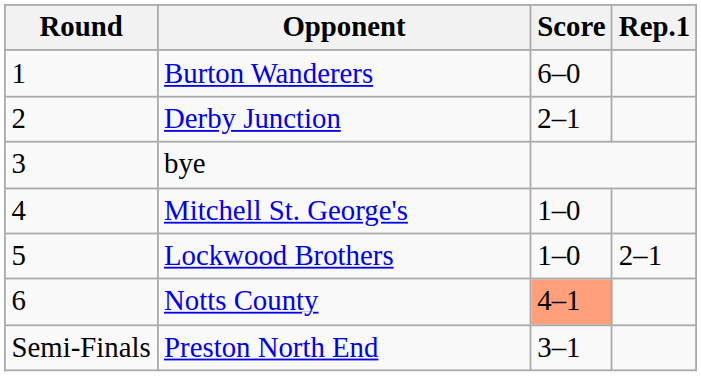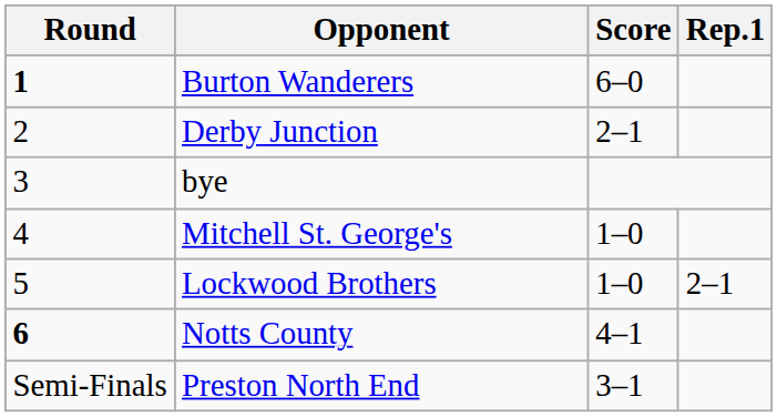 <table class="wikitable">
 <tr>
 <th>Round</th>
 <th width=200px>Opponent</th>
 <th>Score</th>
 <th>Rep.1</th>
 </tr>
 <tr>
-<td>1</td>
+<td><strong>1</strong></td>
 <td><a href='#'>Burton Wanderers</a></td>
 <td>6–0</td>
 <td></td>
 </tr>
 <tr>
 <td>2</td>
 <td><a href='#'>Derby Junction</a></td>
 <td>2–1</td>
 <td></td>
 </tr>
 <tr>
 <td>3</td>
 <td>bye</td>
 <td colspan=2></td>
 </tr>
 <tr>
 <td>4</td>
 <td><a href='#'>Mitchell St. George's</a></td>
 <td>1–0</td>
 <td></td>
 </tr>
 <tr>
 <td>5</td>
 <td><a href='#'>Lockwood Brothers</a></td>
 <td>1–0 </td>
 <td>2–1</td>
 </tr>
 <tr>
-<td>6</td>
+<td><strong>6</strong></td>
 <td><a href='#'>Notts County</a></td>
-<td style="background: lightsalmon;">4–1</td>
+<td>4–1</td>
 <td></td>
 </tr>
 <tr>
 <td>Semi-Finals</td>
 <td><a href='#'>Preston North End</a></td>
 <td>3–1</td>
 <td></td>
 </tr>
 </table>
